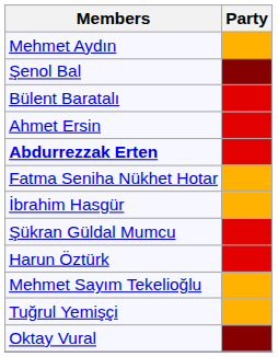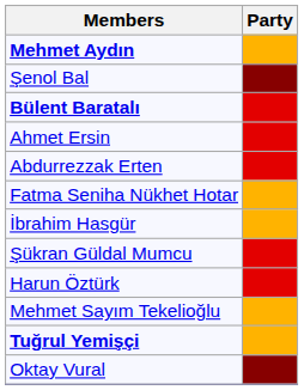 <table class=wikitable style="border:1px solid #8888aa; background-color:#f7f8ff; padding:0px; font-size:90%;">
 <tr>
 <th>Members</th>
 <th colspan="2">Party</th>
 </tr>
 <tr>
-<td><a href='#'>Mehmet Aydın</a></td>
+<td><strong><a href='#'>Mehmet Aydın</a></strong></td>
 <td style="background: #ffb300"></td>
 </tr>
 <tr>
 <td><a href='#'>Şenol Bal</a></td>
 <td style="background: #870000"></td>
 </tr>
 <tr>
-<td><a href='#'>Bülent Baratalı</a></td>
+<td><strong><a href='#'>Bülent Baratalı</a></strong></td>
 <td style="background: #e30000"></td>
 </tr>
 <tr>
 <td><a href='#'>Ahmet Ersin</a></td>
 <td style="background: #e30000"></td>
 </tr>
 <tr>
-<td><strong><a href='#'>Abdurrezzak Erten</a></strong></td>
+<td><a href='#'>Abdurrezzak Erten</a></td>
 <td style="background: #e30000"></td>
 </tr>
 <tr>
 <td><a href='#'>Fatma Seniha Nükhet Hotar</a></td>
 <td style="background: #ffb300"></td>
 </tr>
 <tr>
 <td><a href='#'>İbrahim Hasgür</a></td>
 <td style="background: #ffb300"></td>
 </tr>
 <tr>
 <td><a href='#'>Şükran Güldal Mumcu</a></td>
 <td style="background: #e30000"></td>
 </tr>
 <tr>
 <td><a href='#'>Harun Öztürk</a></td>
 <td style="background: #e30000"></td>
 </tr>
 <tr>
 <td><a href='#'>Mehmet Sayım Tekelioğlu</a></td>
 <td style="background: #ffb300"></td>
 </tr>
 <tr>
-<td><a href='#'>Tuğrul Yemişçi</a></td>
+<td><strong><a href='#'>Tuğrul Yemişçi</a></strong></td>
 <td style="background: #ffb300"></td>
 </tr>
 <tr>
 <td><a href='#'>Oktay Vural</a></td>
 <td style="background: #870000"></td>
 </tr>
 <tr>
 </tr>
 </table>
